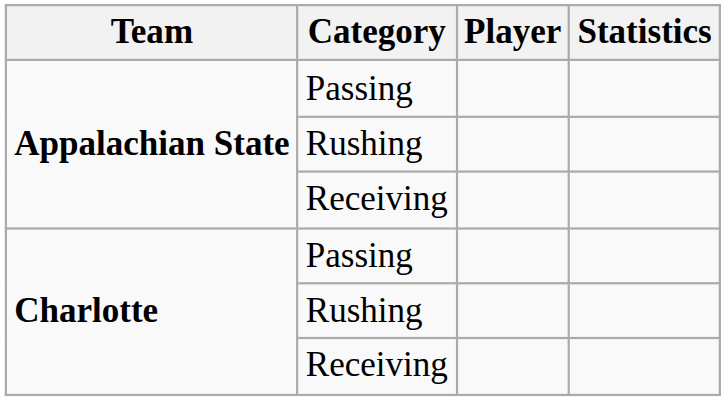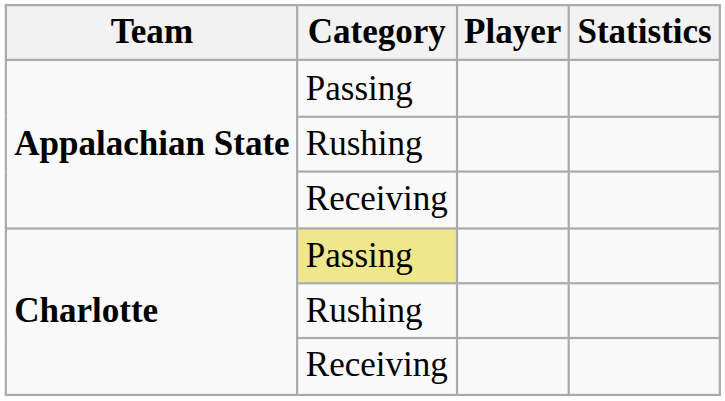 <table class="wikitable" style="float: right;">
 <tr>
 <th>Team</th>
 <th>Category</th>
 <th>Player</th>
 <th>Statistics</th>
 </tr>
 <tr>
 <td rowspan=3><strong>Appalachian State</strong></td>
 <td>Passing</td>
 <td></td>
 <td></td>
 </tr>
 <tr>
 <td>Rushing</td>
 <td></td>
 <td></td>
 </tr>
 <tr>
 <td>Receiving</td>
 <td></td>
 <td></td>
 </tr>
 <tr>
 <td rowspan=3><strong>Charlotte</strong></td>
-<td>Passing</td>
+<td style="background: khaki;">Passing</td>
 <td></td>
 <td></td>
 </tr>
 <tr>
 <td>Rushing</td>
 <td></td>
 <td></td>
 </tr>
 <tr>
 <td>Receiving</td>
 <td></td>
 <td></td>
 </tr>
 </table>
